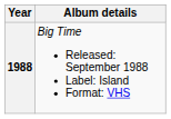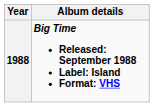 <table class="wikitable" style="text-align:left;">
 <tr>
 <th scope="col">Year</th>
 <th scope="col" style="width:180px">Album details</th>
 </tr>
 <tr>
 <th scope="row">1988</th>
-<td><em>Big Time</em><br><ul><li>Released: September 1988</li><li>Label: Island</li><li>Format: <a href='#'>VHS</a></li></ul></td>
+<td><strong><em>Big Time</em><br><ul><li>Released: September 1988</li><li>Label: Island</li><li>Format: <a href='#'>VHS</a></li></ul></strong></td>
 </tr>
 </table>
